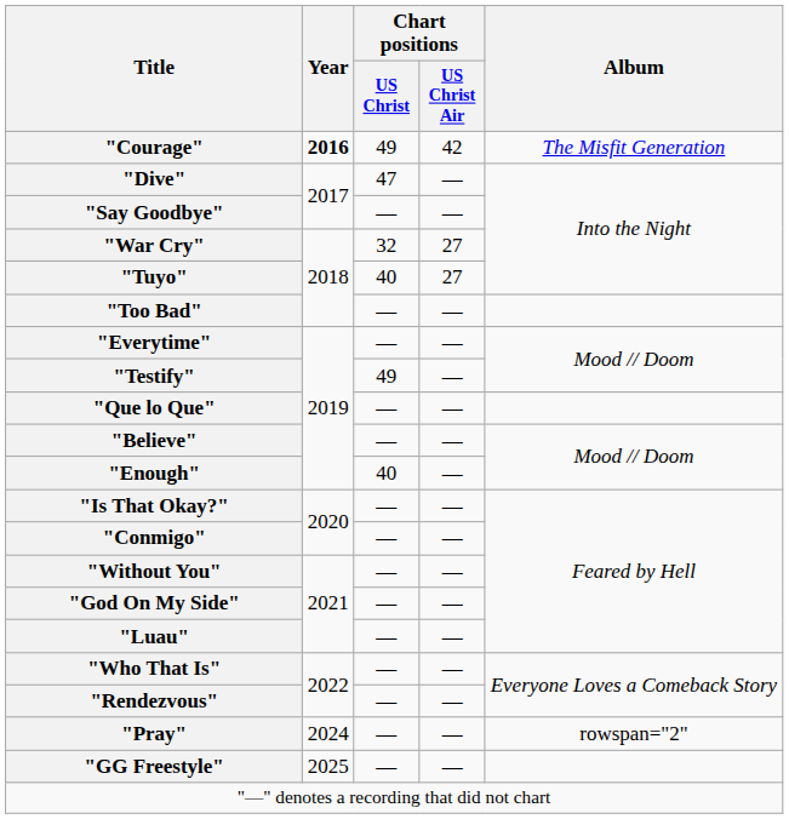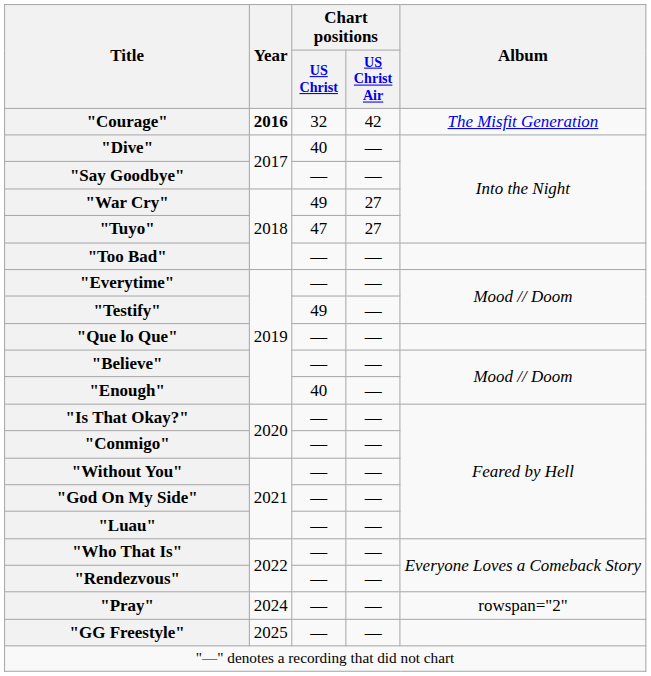 <table class="wikitable plainrowheaders" style="text-align:center;">
 <tr>
 <th rowspan="2" style="width:14em;">Title</th>
 <th rowspan="2">Year</th>
 <th colspan="2">Chart positions</th>
 <th rowspan="2" style="width:14em;">Album</th>
 </tr>
 <tr style="font-size:smaller;">
 <th scope="col" width="45"><a href='#'>US<br>Christ</a><br></th>
 <th scope="col" width="45"><a href='#'>US<br>Christ Air</a><br></th>
 </tr>
 <tr>
 <th scope="row">"Courage"<br></th>
 <td rowspan="1"><strong>2016</strong></td>
-<td>49</td>
+<td>32</td>
 <td>42</td>
 <td><em><a href='#'>The Misfit Generation</a></em></td>
 </tr>
 <tr>
 <th scope="row">"Dive"<br></th>
 <td rowspan="2">2017</td>
-<td>47</td>
+<td>40</td>
 <td>—</td>
 <td rowspan="4"><em>Into the Night</em></td>
 </tr>
 <tr>
 <th scope="row">"Say Goodbye"</th>
 <td>—</td>
 <td>—</td>
 </tr>
 <tr>
 <th scope="row">"War Cry"<br></th>
 <td rowspan="3">2018</td>
-<td>32</td>
+<td>49</td>
 <td>27</td>
 </tr>
 <tr>
 <th scope="row">"Tuyo"<br></th>
-<td>40</td>
+<td>47</td>
 <td>27</td>
 </tr>
 <tr>
 <th scope="row">"Too Bad"</th>
 <td>—</td>
 <td>—</td>
 <td></td>
 </tr>
 <tr>
 <th scope="row">"Everytime"</th>
 <td rowspan="5">2019</td>
 <td>—</td>
 <td>—</td>
 <td rowspan="2"><em>Mood // Doom</em></td>
 </tr>
 <tr>
 <th scope="row">"Testify"<br></th>
 <td>49</td>
 <td>—</td>
 </tr>
 <tr>
 <th scope="row">"Que lo Que"</th>
 <td>—</td>
 <td>—</td>
 <td></td>
 </tr>
 <tr>
 <th scope="row">"Believe"</th>
 <td>—</td>
 <td>—</td>
 <td rowspan="2"><em>Mood // Doom</em></td>
 </tr>
 <tr>
 <th scope="row">"Enough"<br></th>
 <td>40</td>
 <td>—</td>
 </tr>
 <tr>
 <th scope="row">"Is That Okay?"</th>
 <td rowspan="2">2020</td>
 <td>—</td>
 <td>—</td>
 <td rowspan="5"><em>Feared by Hell</em></td>
 </tr>
 <tr>
 <th scope="row">"Conmigo"<br></th>
 <td>—</td>
 <td>—</td>
 </tr>
 <tr>
 <th scope="row">"Without You"<br></th>
 <td rowspan="3">2021</td>
 <td>—</td>
 <td>—</td>
 </tr>
 <tr>
 <th scope="row">"God On My Side"<br></th>
 <td>—</td>
 <td>—</td>
 </tr>
 <tr>
 <th scope="row">"Luau"<br></th>
 <td>—</td>
 <td>—</td>
 </tr>
 <tr>
 <th scope="row">"Who That Is" <br></th>
 <td rowspan="2">2022</td>
 <td>—</td>
 <td>—</td>
 <td rowspan="2"><em>Everyone Loves a Comeback Story</em></td>
 </tr>
 <tr>
 <th scope="row">"Rendezvous"<br></th>
 <td>—</td>
 <td>—</td>
 </tr>
 <tr>
 <th scope="row">"Pray"<br></th>
 <td>2024</td>
 <td>—</td>
 <td>—</td>
 <td>rowspan="2" </td>
 </tr>
 <tr>
 <th scope="row">"GG Freestyle"</th>
 <td>2025</td>
 <td>—</td>
 <td>—</td>
 </tr>
 <tr>
 <td colspan="5" style="font-size:90%">"—" denotes a recording that did not chart</td>
 </tr>
 </table>
